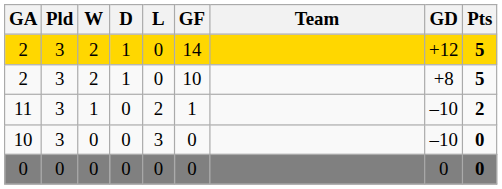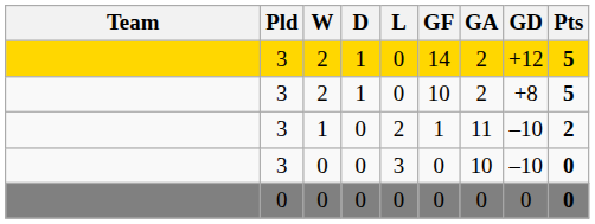 <table class="wikitable" style="text-align:center;">
 <tr>
-<th width=20 abbr="Goals against">GA</th>
+<th width=175>Team</th>
 <th width=20 abbr="Played">Pld</th>
 <th width=20 abbr="Won">W</th>
 <th width=20 abbr="Drawn">D</th>
 <th width=20 abbr="Lost">L</th>
 <th width=20 abbr="Goals for">GF</th>
-<th width=175>Team</th>
+<th width=20 abbr="Goals against">GA</th>
 <th width=20 abbr="Goal difference">GD</th>
 <th width=20 abbr="Points">Pts</th>
 </tr>
 <tr bgcolor=gold>
-<td>2</td>
+<td align=left></td>
 <td>3</td>
 <td>2</td>
 <td>1</td>
 <td>0</td>
 <td>14</td>
-<td align=left></td>
+<td>2</td>
 <td>+12</td>
 <td><strong>5</strong></td>
 </tr>
 <tr>
-<td>2</td>
+<td align=left></td>
 <td>3</td>
 <td>2</td>
 <td>1</td>
 <td>0</td>
 <td>10</td>
-<td align=left></td>
+<td>2</td>
 <td>+8</td>
 <td><strong>5</strong></td>
 </tr>
 <tr>
-<td>11</td>
+<td align=left></td>
 <td>3</td>
 <td>1</td>
 <td>0</td>
 <td>2</td>
 <td>1</td>
-<td align=left></td>
+<td>11</td>
 <td>–10</td>
 <td><strong>2</strong></td>
 </tr>
 <tr>
-<td>10</td>
+<td align=left></td>
 <td>3</td>
 <td>0</td>
 <td>0</td>
 <td>3</td>
 <td>0</td>
-<td align=left></td>
+<td>10</td>
 <td>–10</td>
 <td><strong>0</strong></td>
 </tr>
 <tr bgcolor=grey>
+<td align=left></td>
 <td>0</td>
 <td>0</td>
 <td>0</td>
 <td>0</td>
 <td>0</td>
 <td>0</td>
-<td align=left></td>
 <td>0</td>
 <td><strong>0</strong></td>
 </tr>
 </table>
